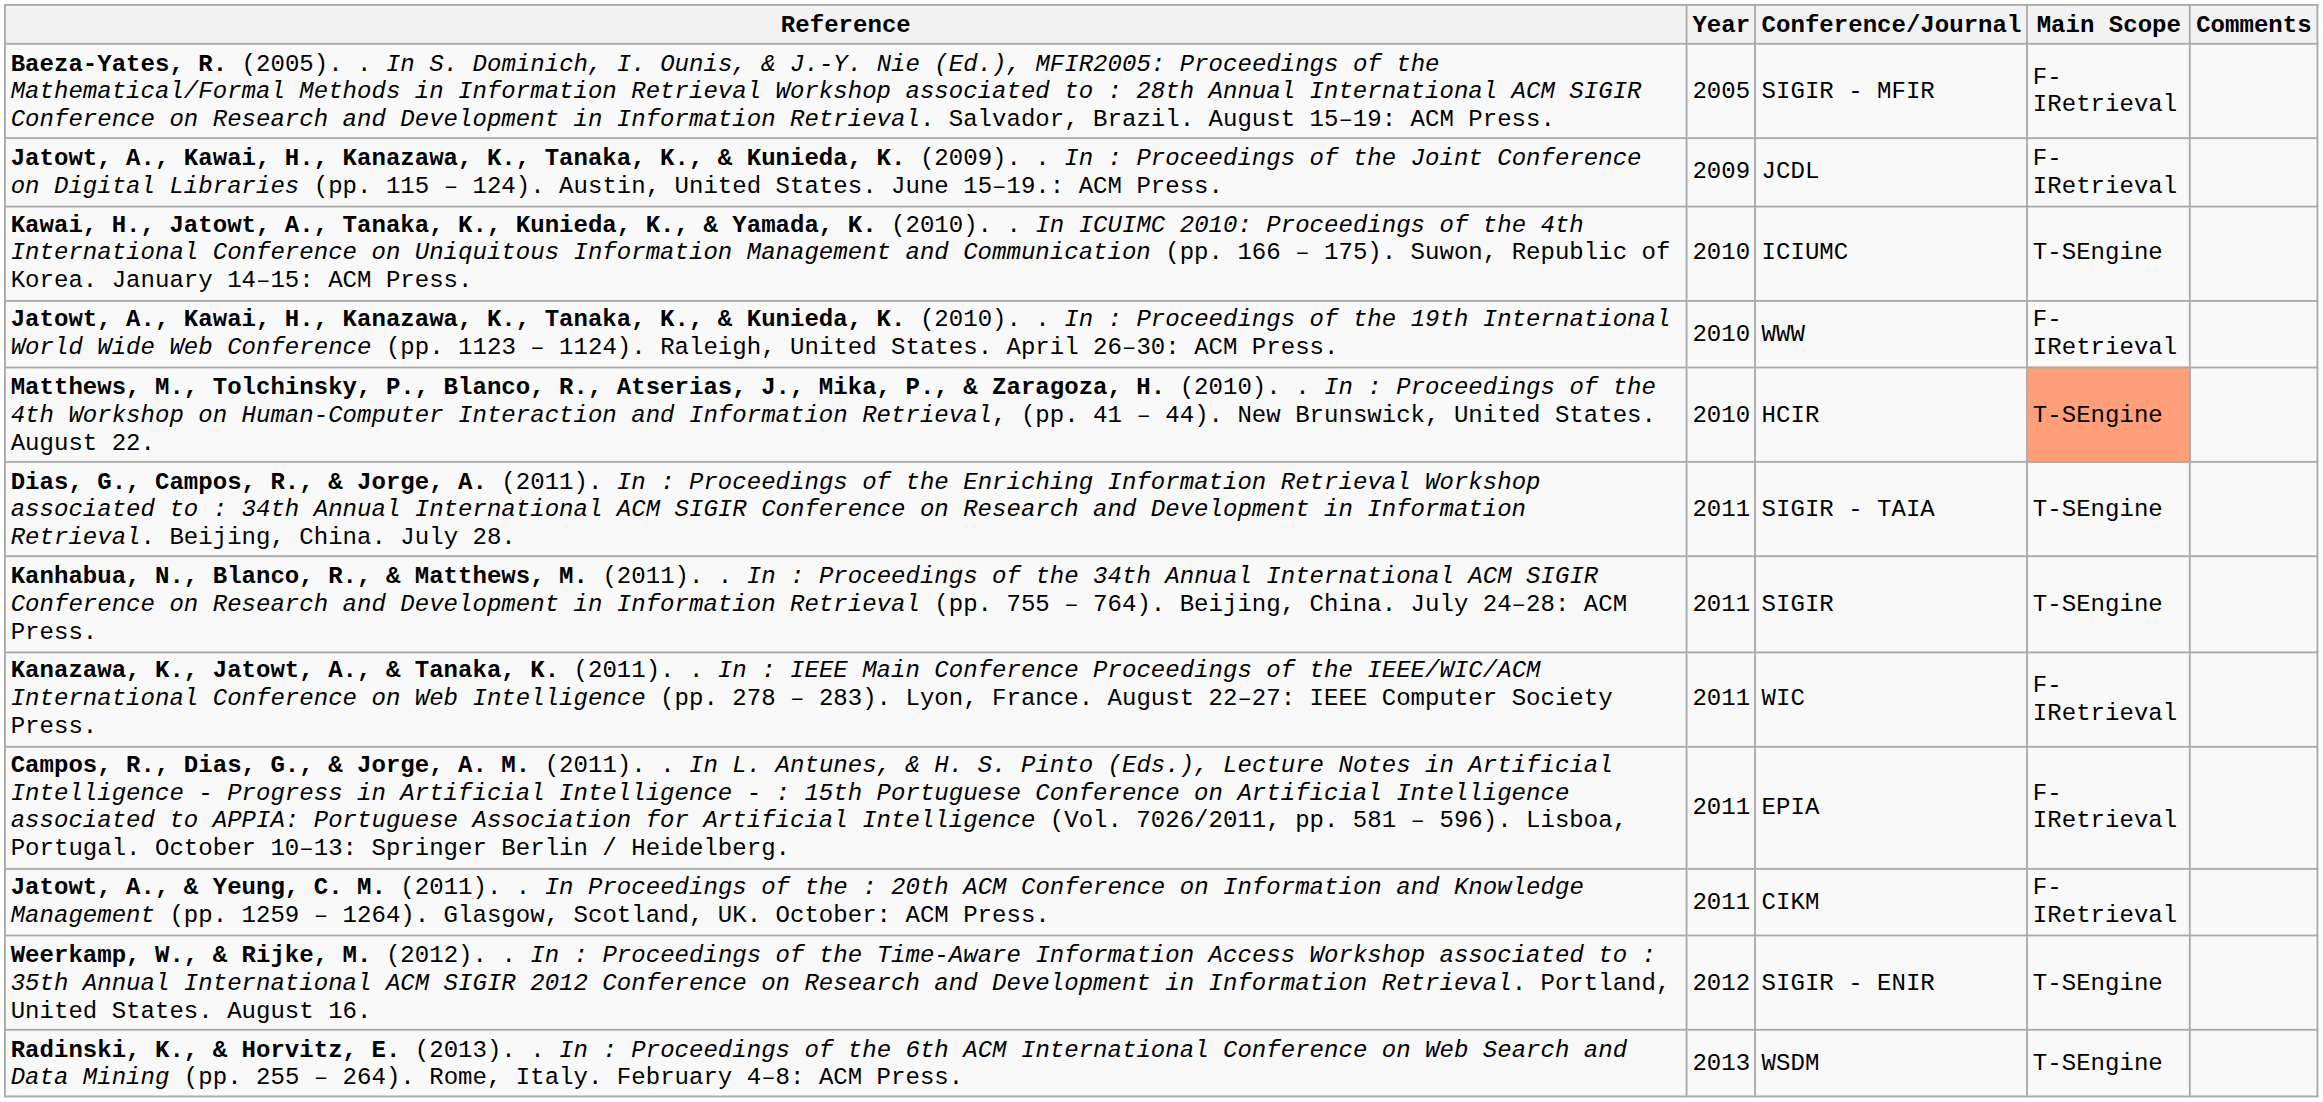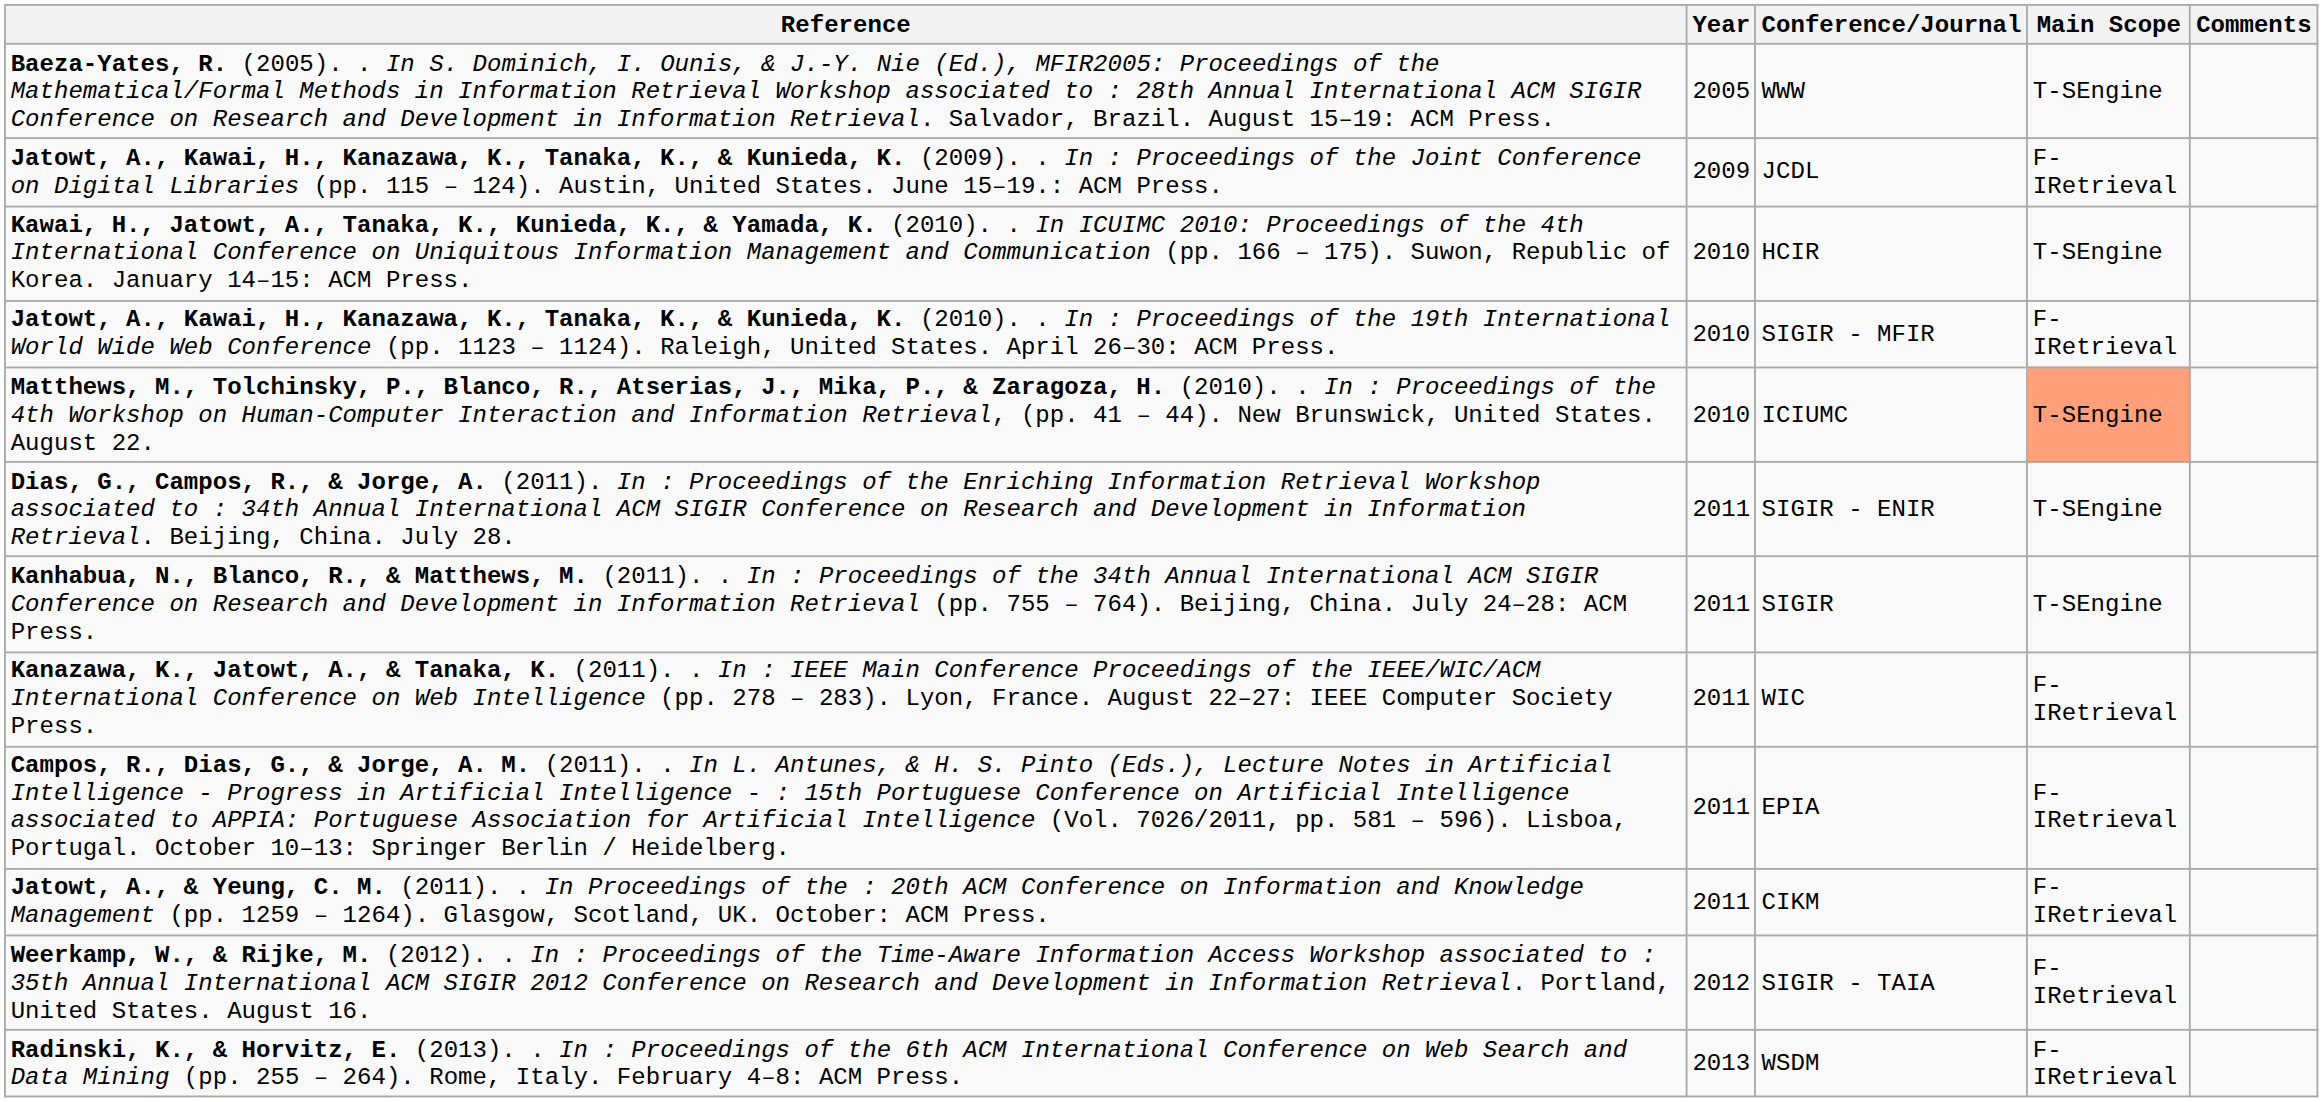 <table class="wikitable sortable">
 <tr>
 <th>Reference</th>
 <th>Year</th>
 <th>Conference/Journal</th>
 <th>Main Scope</th>
 <th>Comments</th>
 </tr>
 <tr>
 <td><strong>Baeza-Yates, R.</strong> (2005). . <em>In S. Dominich, I. Ounis, & J.-Y. Nie (Ed.), MFIR2005: Proceedings of the Mathematical/Formal Methods in Information Retrieval Workshop associated to : 28th Annual International ACM SIGIR Conference on Research and Development in Information Retrieval</em>. Salvador, Brazil. August 15–19: ACM Press.</td>
 <td>2005</td>
-<td>SIGIR - MFIR</td>
-<td>F-IRetrieval</td>
+<td>WWW</td>
+<td>T-SEngine</td>
 <td></td>
 </tr>
 <tr>
 <td><strong>Jatowt, A., Kawai, H., Kanazawa, K., Tanaka, K., & Kunieda, K.</strong> (2009). . <em>In : Proceedings of the Joint Conference on Digital Libraries</em> (pp. 115 – 124). Austin, United States. June 15–19.: ACM Press.</td>
 <td>2009</td>
 <td>JCDL</td>
 <td>F-IRetrieval</td>
 <td></td>
 </tr>
 <tr>
 <td><strong>Kawai, H., Jatowt, A., Tanaka, K., Kunieda, K., & Yamada, K.</strong> (2010). . <em>In ICUIMC 2010: Proceedings of the 4th International Conference on Uniquitous Information Management and Communication</em> (pp. 166 – 175). Suwon, Republic of Korea. January 14–15: ACM Press.</td>
 <td>2010</td>
-<td>ICIUMC</td>
+<td>HCIR</td>
 <td>T-SEngine</td>
 <td></td>
 </tr>
 <tr>
 <td><strong>Jatowt, A., Kawai, H., Kanazawa, K., Tanaka, K., & Kunieda, K.</strong> (2010). . <em>In : Proceedings of the 19th International World Wide Web Conference</em> (pp. 1123 – 1124). Raleigh, United States. April 26–30: ACM Press.</td>
 <td>2010</td>
-<td>WWW</td>
+<td>SIGIR - MFIR</td>
 <td>F-IRetrieval</td>
 <td></td>
 </tr>
 <tr>
 <td><strong>Matthews, M., Tolchinsky, P., Blanco, R., Atserias, J., Mika, P., & Zaragoza, H.</strong> (2010). . <em>In : Proceedings of the 4th Workshop on Human-Computer Interaction and Information Retrieval</em>, (pp. 41 – 44). New Brunswick, United States. August 22.</td>
 <td>2010</td>
-<td>HCIR</td>
+<td>ICIUMC</td>
 <td style="background: lightsalmon;">T-SEngine</td>
 <td></td>
 </tr>
 <tr>
 <td><strong>Dias, G., Campos, R., & Jorge, A.</strong> (2011).  <em>In : Proceedings of the Enriching Information Retrieval Workshop associated to : 34th Annual International ACM SIGIR Conference on Research and Development in Information Retrieval</em>. Beijing, China. July 28.</td>
 <td>2011</td>
-<td>SIGIR - TAIA</td>
+<td>SIGIR - ENIR</td>
 <td>T-SEngine</td>
 <td></td>
 </tr>
 <tr>
 <td><strong>Kanhabua, N., Blanco, R., & Matthews, M.</strong> (2011). . <em>In : Proceedings of the 34th Annual International ACM SIGIR Conference on Research and Development in Information Retrieval</em> (pp. 755 – 764). Beijing, China. July 24–28: ACM Press.</td>
 <td>2011</td>
 <td>SIGIR</td>
 <td>T-SEngine</td>
 <td></td>
 </tr>
 <tr>
 <td><strong>Kanazawa, K., Jatowt, A., & Tanaka, K.</strong> (2011). . <em>In : IEEE Main Conference Proceedings of the IEEE/WIC/ACM International Conference on Web Intelligence</em> (pp. 278 – 283). Lyon, France. August 22–27: IEEE Computer Society Press.</td>
 <td>2011</td>
 <td>WIC</td>
 <td>F-IRetrieval</td>
 <td></td>
 </tr>
 <tr>
 <td><strong>Campos, R., Dias, G., & Jorge, A. M.</strong> (2011). . <em>In L. Antunes, & H. S. Pinto (Eds.), Lecture Notes in Artificial Intelligence - Progress in Artificial Intelligence - : 15th Portuguese Conference on Artificial Intelligence associated to APPIA: Portuguese Association for Artificial Intelligence</em> (Vol. 7026/2011, pp. 581 – 596). Lisboa, Portugal. October 10–13: Springer Berlin / Heidelberg.</td>
 <td>2011</td>
 <td>EPIA</td>
 <td>F-IRetrieval</td>
 <td></td>
 </tr>
 <tr>
 <td><strong>Jatowt, A., & Yeung, C. M.</strong> (2011). . <em>In Proceedings of the : 20th ACM Conference on Information and Knowledge Management</em> (pp. 1259 – 1264). Glasgow, Scotland, UK. October: ACM Press.</td>
 <td>2011</td>
 <td>CIKM</td>
 <td>F-IRetrieval</td>
 <td></td>
 </tr>
 <tr>
 <td><strong>Weerkamp, W., & Rijke, M.</strong> (2012). . <em>In : Proceedings of the Time-Aware Information Access Workshop associated to : 35th Annual International ACM SIGIR 2012 Conference on Research and Development in Information Retrieval</em>. Portland, United States. August 16.</td>
 <td>2012</td>
-<td>SIGIR - ENIR</td>
-<td>T-SEngine</td>
+<td>SIGIR - TAIA</td>
+<td>F-IRetrieval</td>
 <td></td>
 </tr>
 <tr>
 <td><strong>Radinski, K., & Horvitz, E.</strong> (2013). . <em>In : Proceedings of the 6th ACM International Conference on Web Search and Data Mining</em> (pp. 255 – 264). Rome, Italy. February 4–8: ACM Press.</td>
 <td>2013</td>
 <td>WSDM</td>
-<td>T-SEngine</td>
+<td>F-IRetrieval</td>
 <td></td>
 </tr>
 </table>
